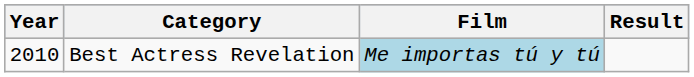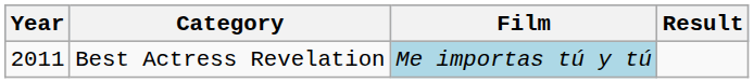 <table class="wikitable">
 <tr style="background:#b0c4de;">
 <th>Year</th>
 <th>Category</th>
 <th>Film</th>
 <th>Result</th>
 </tr>
 <tr>
-<td>2010</td>
+<td>2011</td>
 <td>Best Actress Revelation</td>
 <td style="background: lightblue;"><em>Me importas tú y tú</em></td>
 <td></td>
 </tr>
 </table>
